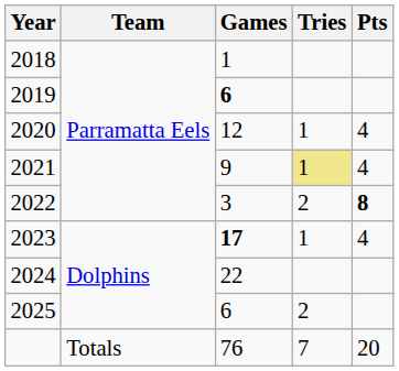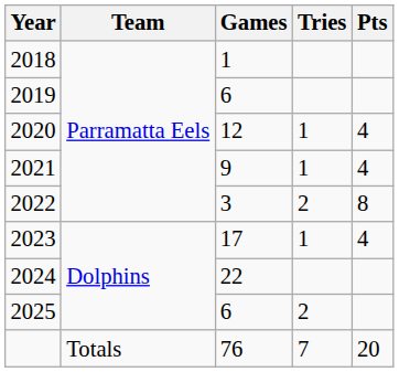 <table class="wikitable">
 <tr>
 <th>Year</th>
 <th>Team</th>
 <th>Games</th>
 <th>Tries</th>
 <th>Pts</th>
 </tr>
 <tr>
 <td>2018</td>
 <td rowspan="5"> <a href='#'>Parramatta Eels</a></td>
 <td>1</td>
 <td></td>
 <td></td>
 </tr>
 <tr>
 <td>2019</td>
-<td><strong>6</strong></td>
+<td>6</td>
 <td></td>
 <td></td>
 </tr>
 <tr>
 <td>2020</td>
 <td>12</td>
 <td>1</td>
 <td>4</td>
 </tr>
 <tr>
 <td>2021</td>
 <td>9</td>
-<td style="background: khaki;">1</td>
+<td>1</td>
 <td>4</td>
 </tr>
 <tr>
 <td>2022</td>
 <td>3</td>
 <td>2</td>
-<td><strong>8</strong></td>
+<td>8</td>
 </tr>
 <tr>
 <td>2023</td>
 <td rowspan="3"> <a href='#'>Dolphins</a></td>
-<td><strong>17</strong></td>
+<td>17</td>
 <td>1</td>
 <td>4</td>
 </tr>
 <tr>
 <td>2024</td>
 <td>22</td>
 <td></td>
 <td></td>
 </tr>
 <tr>
 <td>2025</td>
 <td>6</td>
 <td>2</td>
 <td></td>
 </tr>
 <tr>
 <td></td>
 <td>Totals</td>
 <td>76</td>
 <td>7</td>
 <td>20</td>
 </tr>
 </table>
